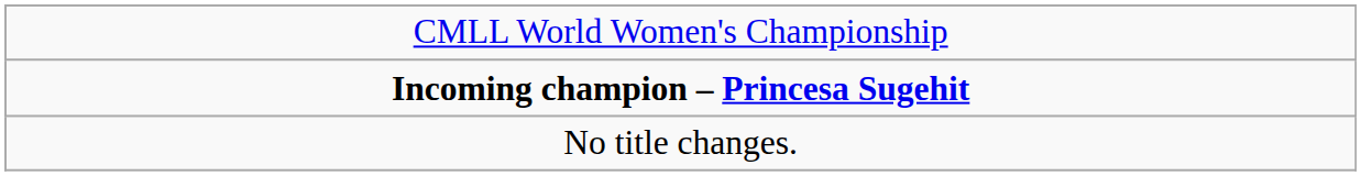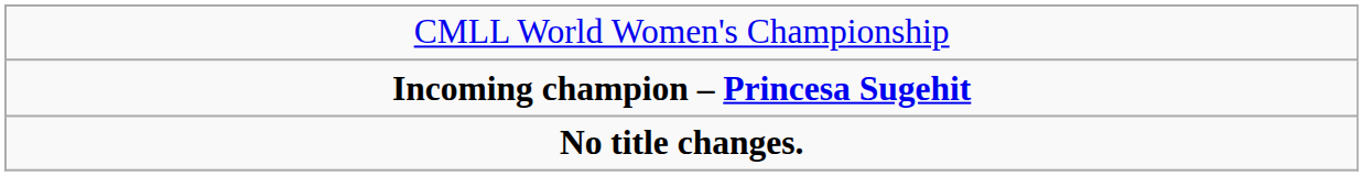 <table class="wikitable" style="text-align:center; width:100%;">
 <tr>
 <td style="text-align: center;"><a href='#'>CMLL World Women's Championship</a></td>
 </tr>
 <tr>
 <td style="text-align: center;"><strong>Incoming champion – <a href='#'>Princesa Sugehit</a></strong></td>
 </tr>
 <tr>
-<td>No title changes.</td>
+<td><strong>No title changes.</strong></td>
 </tr>
 </table>
